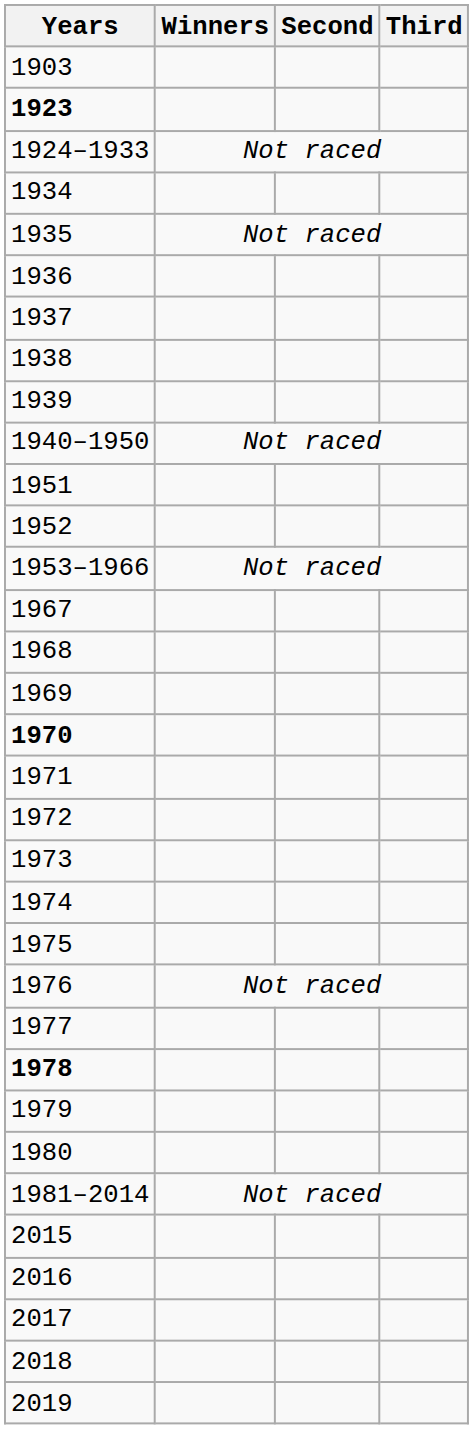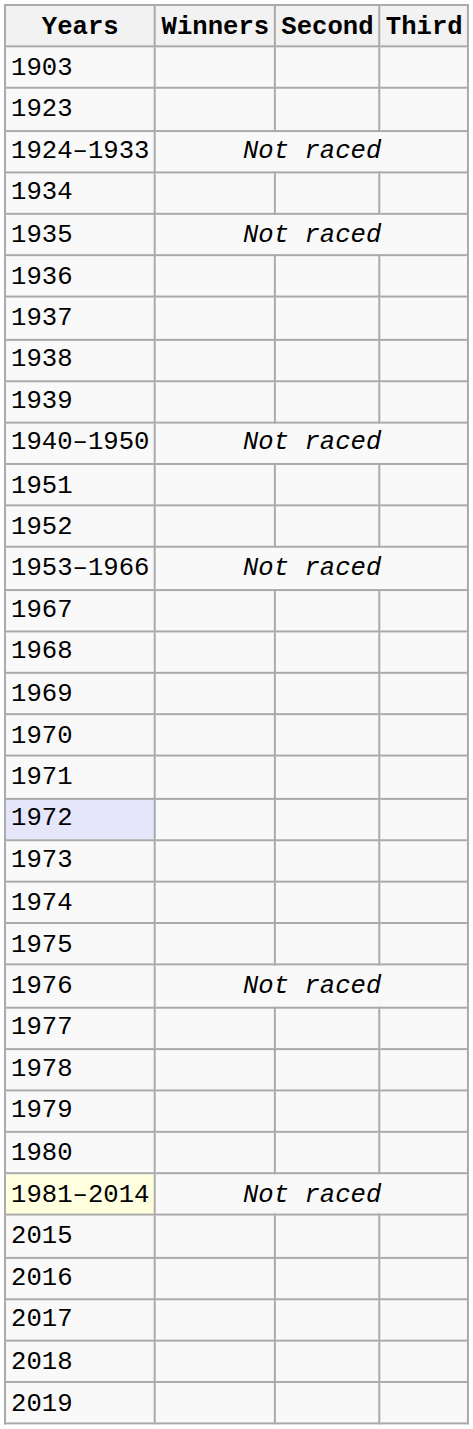 <table class="wikitable">
 <tr>
 <th>Years</th>
 <th>Winners</th>
 <th>Second</th>
 <th>Third</th>
 </tr>
 <tr>
 <td>1903</td>
 <td> <br> </td>
 <td> <br> </td>
 <td> <br> </td>
 </tr>
 <tr>
-<td><strong>1923</strong></td>
+<td>1923</td>
 <td> <br> </td>
 <td> <br> </td>
 <td> <br> </td>
 </tr>
 <tr>
 <td>1924–1933</td>
 <td align=center colspan="3"><em>Not raced</em></td>
 </tr>
 <tr>
 <td>1934</td>
 <td> <br> </td>
 <td> <br> </td>
 <td> <br> </td>
 </tr>
 <tr>
 <td>1935</td>
 <td align=center colspan="3"><em>Not raced</em></td>
 </tr>
 <tr>
 <td>1936</td>
 <td> <br> </td>
 <td> <br> </td>
 <td> <br> </td>
 </tr>
 <tr>
 <td>1937</td>
 <td> <br> </td>
 <td> <br> </td>
 <td> <br> </td>
 </tr>
 <tr>
 <td>1938</td>
 <td> <br> </td>
 <td> <br> </td>
 <td> <br> </td>
 </tr>
 <tr>
 <td>1939</td>
 <td> <br> </td>
 <td> <br> </td>
 <td> <br> </td>
 </tr>
 <tr>
 <td>1940–1950</td>
 <td align=center colspan="3"><em>Not raced</em></td>
 </tr>
 <tr>
 <td>1951</td>
 <td> <br> </td>
 <td> <br> </td>
 <td> <br> </td>
 </tr>
 <tr>
 <td>1952</td>
 <td> <br> </td>
 <td> <br> </td>
 <td> <br> </td>
 </tr>
 <tr>
 <td>1953–1966</td>
 <td align=center colspan="3"><em>Not raced</em></td>
 </tr>
 <tr>
 <td>1967</td>
 <td> <br> </td>
 <td> <br> </td>
 <td> <br> </td>
 </tr>
 <tr>
 <td>1968</td>
 <td> <br> </td>
 <td> <br> </td>
 <td> <br> </td>
 </tr>
 <tr>
 <td>1969</td>
 <td> <br> </td>
 <td> <br> </td>
 <td> <br> </td>
 </tr>
 <tr>
-<td><strong>1970</strong></td>
+<td>1970</td>
 <td> <br> </td>
 <td> <br> </td>
 <td> <br> </td>
 </tr>
 <tr>
 <td>1971</td>
 <td> <br> </td>
 <td> <br> </td>
 <td> <br> </td>
 </tr>
 <tr>
-<td>1972</td>
+<td style="background: lavender;">1972</td>
 <td> <br> </td>
 <td> <br> </td>
 <td> <br> </td>
 </tr>
 <tr>
 <td>1973</td>
 <td> <br> </td>
 <td> <br> </td>
 <td> <br> </td>
 </tr>
 <tr>
 <td>1974</td>
 <td> <br> </td>
 <td> <br> </td>
 <td> <br> </td>
 </tr>
 <tr>
 <td>1975</td>
 <td> <br> </td>
 <td> <br> </td>
 <td> <br> </td>
 </tr>
 <tr>
 <td>1976</td>
 <td align=center colspan="3"><em>Not raced</em></td>
 </tr>
 <tr>
 <td>1977</td>
 <td> <br> </td>
 <td> <br> </td>
 <td> <br> </td>
 </tr>
 <tr>
-<td><strong>1978</strong></td>
+<td>1978</td>
 <td> <br> </td>
 <td> <br> </td>
 <td> <br> </td>
 </tr>
 <tr>
 <td>1979</td>
 <td> <br> </td>
 <td> <br> </td>
 <td> <br> </td>
 </tr>
 <tr>
 <td>1980</td>
 <td> <br> </td>
 <td> <br> </td>
 <td> <br> </td>
 </tr>
 <tr>
-<td>1981–2014</td>
+<td style="background: lightyellow;">1981–2014</td>
 <td align=center colspan="3"><em>Not raced</em></td>
 </tr>
 <tr>
 <td>2015<br></td>
 <td> <br> </td>
 <td> <br> </td>
 <td> <br> </td>
 </tr>
 <tr>
 <td>2016<br></td>
 <td> <br> </td>
 <td> <br> </td>
 <td> <br> </td>
 </tr>
 <tr>
 <td>2017<br></td>
 <td> <br> </td>
 <td> <br> </td>
 <td> <br> </td>
 </tr>
 <tr>
 <td>2018<br></td>
 <td> <br> </td>
 <td> <br> </td>
 <td> <br> </td>
 </tr>
 <tr>
 <td>2019</td>
 <td> <br> </td>
 <td> <br> </td>
 <td> <br> </td>
 </tr>
 </table>
